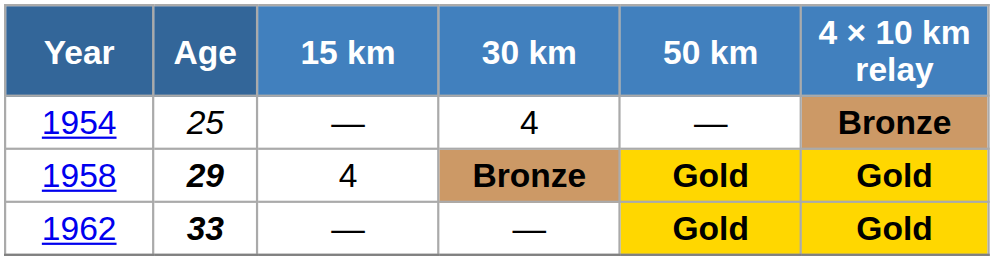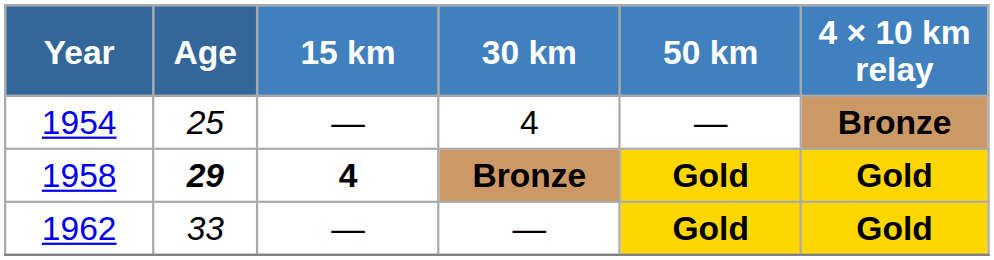 <table class="wikitable" style="font-size:95%; text-align:center; border:grey solid 1px; border-collapse:collapse; background:#ffffff;">
 <tr>
 <th style="background-color:#369; color:white; width:60px;"> Year </th>
 <th style="background-color:#369; color:white; width:40px;"> Age </th>
 <th style="background-color:#4180be; color:white; width:75px;"> 15 km </th>
 <th style="background-color:#4180be; color:white; width:75px;"> 30 km </th>
 <th style="background-color:#4180be; color:white; width:75px;"> 50 km </th>
 <th style="background-color:#4180be; color:white; width:75px;"> 4 × 10 km <br> relay </th>
 </tr>
 <tr>
 <td><a href='#'>1954</a></td>
 <td><em>25</em></td>
 <td>—</td>
 <td>4</td>
 <td>—</td>
 <td bgcolor="cc9966"><strong>Bronze</strong></td>
 </tr>
 <tr>
 <td><a href='#'>1958</a></td>
 <td><strong><em>29</em></strong></td>
-<td>4</td>
+<td><strong>4</strong></td>
 <td bgcolor="cc9966"><strong>Bronze</strong></td>
 <td style="background:gold;"><strong>Gold</strong></td>
 <td style="background:gold;"><strong>Gold</strong></td>
 </tr>
 <tr>
 <td><a href='#'>1962</a></td>
-<td><strong><em>33</em></strong></td>
+<td><em>33</em></td>
 <td>—</td>
 <td>—</td>
 <td style="background:gold;"><strong>Gold</strong></td>
 <td style="background:gold;"><strong>Gold</strong></td>
 </tr>
 <tr>
 </tr>
 </table>
